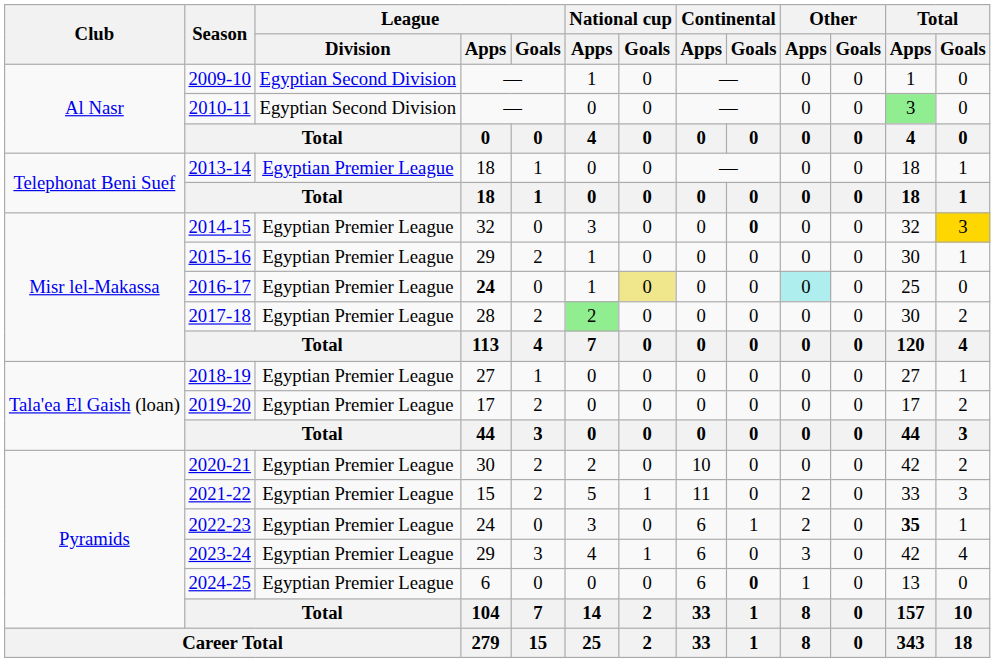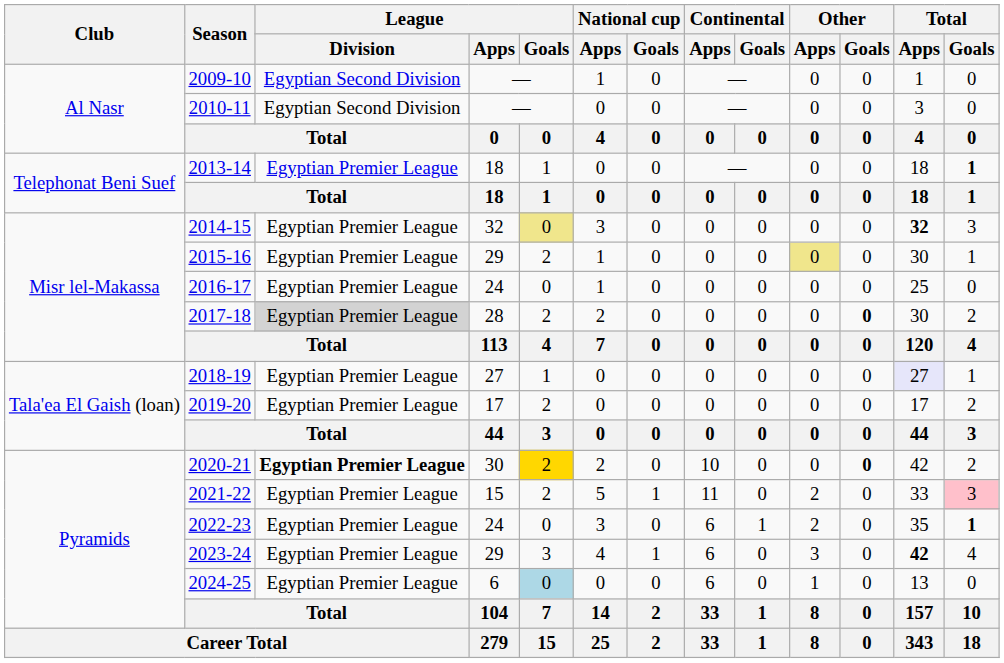 <table class="wikitable" style="text-align:center">
 <tr>
 <th rowspan="2">Club</th>
 <th rowspan="2">Season</th>
 <th colspan="3">League</th>
 <th colspan="2">National cup</th>
 <th colspan="2">Continental</th>
 <th colspan="2">Other</th>
 <th colspan="2">Total</th>
 </tr>
 <tr>
 <th>Division</th>
 <th>Apps</th>
 <th>Goals</th>
 <th>Apps</th>
 <th>Goals</th>
 <th>Apps</th>
 <th>Goals</th>
 <th>Apps</th>
 <th>Goals</th>
 <th>Apps</th>
 <th>Goals</th>
 </tr>
 <tr>
 <td rowspan="3"><a href='#'>Al Nasr</a></td>
 <td><a href='#'>2009-10</a></td>
 <td><a href='#'>Egyptian Second Division</a></td>
 <td colspan="2">—</td>
 <td>1</td>
 <td>0</td>
 <td colspan="2">—</td>
 <td>0</td>
 <td>0</td>
 <td>1</td>
 <td>0</td>
 </tr>
 <tr>
 <td><a href='#'>2010-11</a></td>
 <td>Egyptian Second Division</td>
 <td colspan="2">—</td>
 <td 3>0</td>
 <td>0</td>
 <td colspan="2">—</td>
 <td>0</td>
 <td>0</td>
-<td style="background: lightgreen;">3</td>
+<td>3</td>
 <td>0</td>
 </tr>
 <tr>
 <th colspan="2">Total</th>
 <th>0</th>
 <th>0</th>
 <th>4</th>
 <th>0</th>
 <th>0</th>
 <th>0</th>
 <th>0</th>
 <th>0</th>
 <th>4</th>
 <th>0</th>
 </tr>
 <tr>
 <td rowspan="2"><a href='#'>Telephonat Beni Suef</a></td>
 <td><a href='#'>2013-14</a></td>
 <td><a href='#'>Egyptian Premier League</a></td>
 <td>18</td>
 <td>1</td>
 <td>0</td>
 <td>0</td>
 <td colspan="2">—</td>
 <td>0</td>
 <td>0</td>
 <td>18</td>
-<td>1</td>
+<td><strong>1</strong></td>
 </tr>
 <tr>
 <th colspan="2">Total</th>
 <th>18</th>
 <th>1</th>
 <th>0</th>
 <th>0</th>
 <th>0</th>
 <th>0</th>
 <th>0</th>
 <th>0</th>
 <th>18</th>
 <th>1</th>
 </tr>
 <tr>
 <td rowspan="5"><a href='#'>Misr lel-Makassa</a></td>
 <td><a href='#'>2014-15</a></td>
 <td>Egyptian Premier League</td>
 <td>32</td>
-<td>0</td>
+<td style="background: khaki;">0</td>
 <td>3</td>
 <td>0</td>
 <td>0</td>
-<td><strong>0</strong></td>
 <td>0</td>
 <td>0</td>
-<td>32</td>
-<td style="background: gold;">3</td>
+<td>0</td>
+<td><strong>32</strong></td>
+<td>3</td>
 </tr>
 <tr>
 <td><a href='#'>2015-16</a></td>
 <td>Egyptian Premier League</td>
 <td>29</td>
 <td>2</td>
 <td>1</td>
 <td>0</td>
 <td>0</td>
 <td>0</td>
-<td>0</td>
+<td style="background: khaki;">0</td>
 <td>0</td>
 <td>30</td>
 <td>1</td>
 </tr>
 <tr>
 <td><a href='#'>2016-17</a></td>
 <td>Egyptian Premier League</td>
-<td><strong>24</strong></td>
+<td>24</td>
 <td>0</td>
 <td>1</td>
-<td style="background: khaki;">0</td>
 <td>0</td>
 <td>0</td>
-<td style="background: paleturquoise;">0</td>
+<td>0</td>
+<td>0</td>
 <td>0</td>
 <td>25</td>
 <td>0</td>
 </tr>
 <tr>
 <td><a href='#'>2017-18</a></td>
-<td>Egyptian Premier League</td>
+<td style="background: lightgrey;">Egyptian Premier League</td>
 <td>28</td>
 <td>2</td>
-<td style="background: lightgreen;">2</td>
+<td>2</td>
 <td>0</td>
 <td>0</td>
 <td>0</td>
 <td>0</td>
-<td>0</td>
+<td><strong>0</strong></td>
 <td>30</td>
 <td>2</td>
 </tr>
 <tr>
 <th colspan="2">Total</th>
 <th>113</th>
 <th>4</th>
 <th>7</th>
 <th>0</th>
 <th>0</th>
 <th>0</th>
 <th>0</th>
 <th>0</th>
 <th>120</th>
 <th>4</th>
 </tr>
 <tr>
 <td rowspan="3"><a href='#'>Tala'ea El Gaish</a> (loan)</td>
 <td><a href='#'>2018-19</a></td>
 <td>Egyptian Premier League</td>
 <td>27</td>
 <td>1</td>
 <td>0</td>
 <td>0</td>
 <td>0</td>
 <td>0</td>
 <td>0</td>
 <td>0</td>
-<td>27</td>
+<td style="background: lavender;">27</td>
 <td>1</td>
 </tr>
 <tr>
 <td><a href='#'>2019-20</a></td>
 <td>Egyptian Premier League</td>
 <td>17</td>
 <td>2</td>
 <td>0</td>
 <td>0</td>
 <td>0</td>
 <td>0</td>
 <td>0</td>
 <td>0</td>
 <td>17</td>
 <td>2</td>
 </tr>
 <tr>
 <th colspan="2">Total</th>
 <th>44</th>
 <th>3</th>
 <th>0</th>
 <th>0</th>
 <th>0</th>
 <th>0</th>
 <th>0</th>
 <th>0</th>
 <th>44</th>
 <th>3</th>
 </tr>
 <tr>
 <td rowspan="6"><a href='#'>Pyramids</a></td>
 <td><a href='#'>2020-21</a></td>
-<td>Egyptian Premier League</td>
+<td><strong>Egyptian Premier League</strong></td>
 <td>30</td>
-<td>2</td>
+<td style="background: gold;">2</td>
 <td>2</td>
 <td>0</td>
 <td>10</td>
 <td>0</td>
 <td>0</td>
-<td>0</td>
+<td><strong>0</strong></td>
 <td>42</td>
 <td>2</td>
 </tr>
 <tr>
 <td><a href='#'>2021-22</a></td>
 <td>Egyptian Premier League</td>
 <td>15</td>
 <td>2</td>
 <td>5</td>
 <td>1</td>
 <td>11</td>
 <td>0</td>
 <td>2</td>
 <td>0</td>
 <td>33</td>
-<td>3</td>
+<td style="background: pink;">3</td>
 </tr>
 <tr>
 <td><a href='#'>2022-23</a></td>
 <td>Egyptian Premier League</td>
 <td>24</td>
 <td>0</td>
 <td>3</td>
 <td>0</td>
 <td>6</td>
 <td>1</td>
 <td>2</td>
 <td>0</td>
-<td><strong>35</strong></td>
-<td>1</td>
+<td>35</td>
+<td><strong>1</strong></td>
 </tr>
 <tr>
 <td><a href='#'>2023-24</a></td>
 <td>Egyptian Premier League</td>
 <td>29</td>
 <td>3</td>
 <td>4</td>
 <td>1</td>
 <td>6</td>
 <td>0</td>
 <td>3</td>
 <td>0</td>
-<td>42</td>
+<td><strong>42</strong></td>
 <td>4</td>
 </tr>
 <tr>
 <td><a href='#'>2024-25</a></td>
 <td>Egyptian Premier League</td>
 <td>6</td>
-<td>0</td>
+<td style="background: lightblue;">0</td>
 <td>0</td>
 <td>0</td>
 <td>6</td>
-<td><strong>0</strong></td>
+<td>0</td>
 <td>1</td>
 <td>0</td>
 <td>13</td>
 <td>0</td>
 </tr>
 <tr>
 <th colspan="2">Total</th>
 <th>104</th>
 <th>7</th>
 <th>14</th>
 <th>2</th>
 <th>33</th>
 <th>1</th>
 <th>8</th>
 <th>0</th>
 <th>157</th>
 <th>10</th>
 </tr>
 <tr>
 <th colspan="3">Career Total</th>
 <th>279</th>
 <th>15</th>
 <th>25</th>
 <th>2</th>
 <th>33</th>
 <th>1</th>
 <th>8</th>
 <th>0</th>
 <th>343</th>
 <th>18</th>
 </tr>
 </table>
